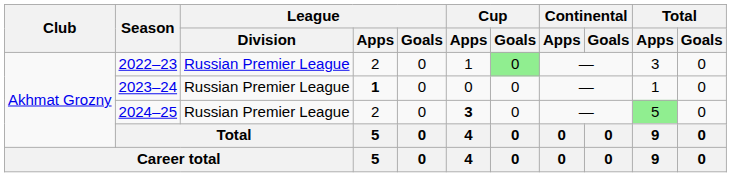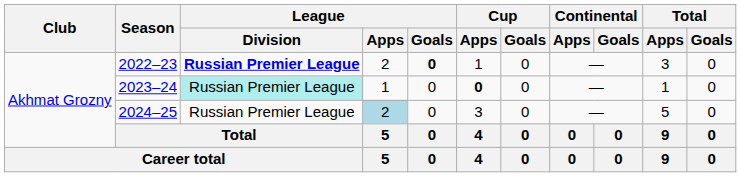 <table class="wikitable" style="text-align: center;">
 <tr>
 <th rowspan="2">Club</th>
 <th rowspan="2">Season</th>
 <th colspan="3">League</th>
 <th colspan="2">Cup</th>
 <th colspan="2">Continental</th>
 <th colspan="2">Total</th>
 </tr>
 <tr>
 <th>Division</th>
 <th>Apps</th>
 <th>Goals</th>
 <th>Apps</th>
 <th>Goals</th>
 <th>Apps</th>
 <th>Goals</th>
 <th>Apps</th>
 <th>Goals</th>
 </tr>
 <tr>
 <td rowspan="4"><a href='#'>Akhmat Grozny</a></td>
 <td><a href='#'>2022–23</a></td>
-<td><a href='#'>Russian Premier League</a></td>
+<td><strong><a href='#'>Russian Premier League</a></strong></td>
 <td>2</td>
+<td><strong>0</strong></td>
+<td>1</td>
 <td>0</td>
-<td>1</td>
-<td style="background: lightgreen;">0</td>
 <td colspan="2">—</td>
 <td>3</td>
 <td>0</td>
 </tr>
 <tr>
 <td><a href='#'>2023–24</a></td>
-<td>Russian Premier League</td>
-<td><strong>1</strong></td>
+<td style="background: paleturquoise;">Russian Premier League</td>
+<td>1</td>
 <td>0</td>
-<td>0</td>
+<td><strong>0</strong></td>
 <td>0</td>
 <td colspan="2">—</td>
 <td>1</td>
 <td>0</td>
 </tr>
 <tr>
 <td><a href='#'>2024–25</a></td>
 <td>Russian Premier League</td>
-<td>2</td>
+<td style="background: lightblue;">2</td>
 <td>0</td>
-<td><strong>3</strong></td>
+<td>3</td>
 <td>0</td>
 <td colspan="2">—</td>
-<td style="background: lightgreen;">5</td>
+<td>5</td>
 <td>0</td>
 </tr>
 <tr>
 <th colspan=2>Total</th>
 <th>5</th>
 <th>0</th>
 <th>4</th>
 <th>0</th>
 <th>0</th>
 <th>0</th>
 <th>9</th>
 <th>0</th>
 </tr>
 <tr>
 <th colspan=3>Career total</th>
 <th>5</th>
 <th>0</th>
 <th>4</th>
 <th>0</th>
 <th>0</th>
 <th>0</th>
 <th>9</th>
 <th>0</th>
 </tr>
 </table>
